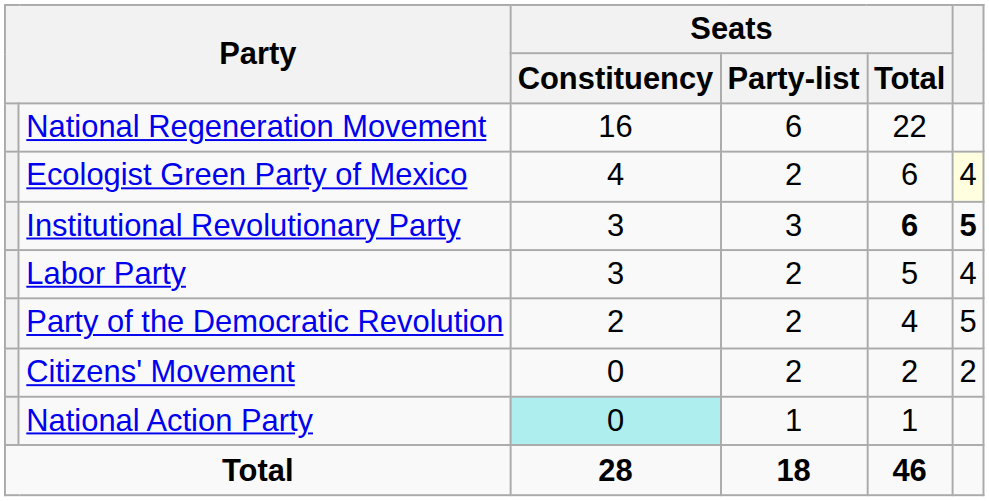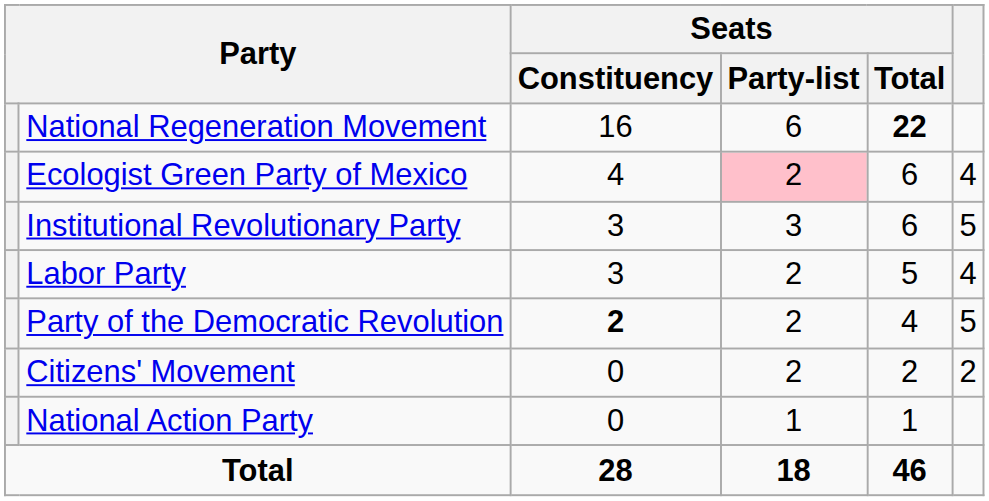 <table class="wikitable" style="text-align:center;">
 <tr>
 <th colspan="2" rowspan="2">Party</th>
 <th colspan="3">Seats</th>
 <th rowspan="2"></th>
 </tr>
 <tr>
 <th style="width:3em"><strong>Constituency</strong></th>
 <th>Party-list</th>
 <th>Total</th>
 </tr>
 <tr>
 <th style="background-color:"></th>
 <td style="text-align:left;"><a href='#'>National Regeneration Movement</a></td>
 <td>16</td>
 <td>6</td>
-<td>22</td>
+<td><strong>22</strong></td>
 <td></td>
 </tr>
 <tr>
 <th style="background-color:"></th>
 <td style="text-align:left;"><a href='#'>Ecologist Green Party of Mexico</a></td>
 <td>4</td>
-<td>2</td>
+<td style="background: pink;">2</td>
 <td>6</td>
-<td style="background: lightyellow;"> 4</td>
+<td> 4</td>
 </tr>
 <tr>
 <th style="background-color:"></th>
 <td style="text-align:left;"><a href='#'>Institutional Revolutionary Party</a></td>
 <td>3</td>
 <td>3</td>
-<td><strong>6</strong></td>
-<td><strong> 5</strong></td>
+<td>6</td>
+<td> 5</td>
 </tr>
 <tr>
 <th style="background-color:"></th>
 <td style="text-align:left;"><a href='#'>Labor Party</a></td>
 <td>3</td>
 <td>2</td>
 <td>5</td>
 <td> 4</td>
 </tr>
 <tr>
 <th style="background-color:"></th>
 <td style="text-align:left;"><a href='#'>Party of the Democratic Revolution</a></td>
-<td>2</td>
+<td><strong>2</strong></td>
 <td>2</td>
 <td>4</td>
 <td> 5</td>
 </tr>
 <tr>
 <th style="background-color:"></th>
 <td style="text-align:left;"><a href='#'>Citizens' Movement</a></td>
 <td>0</td>
 <td>2</td>
 <td>2</td>
 <td> 2</td>
 </tr>
 <tr>
 <th style="background-color:"></th>
 <td style="text-align:left;"><a href='#'>National Action Party</a></td>
-<td style="background: paleturquoise;">0</td>
+<td>0</td>
 <td>1</td>
 <td>1</td>
 <td></td>
 </tr>
 <tr>
 <td colspan="2"><strong>Total</strong></td>
 <td><strong>28</strong></td>
 <td><strong>18</strong></td>
 <td><strong>46</strong></td>
 <td></td>
 </tr>
 </table>
